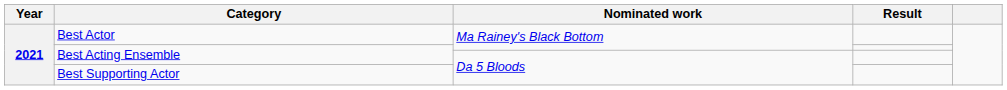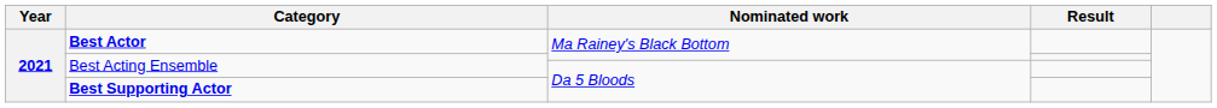 <table class="wikitable plainrowheaders" style="width:100%;">
 <tr>
 <th scope="col" style="width:5%;">Year</th>
 <th scope="col" style="width:40%;">Category</th>
 <th scope="col" style="width:40%;">Nominated work</th>
 <th scope="col" style="width:10%;">Result</th>
 <th scope="col" style="width:5%;"></th>
 </tr>
 <tr>
 <th scope="row" style="text-align:center;" rowspan="4"><a href='#'>2021</a></th>
-<td><a href='#'>Best Actor</a></td>
+<td><strong><a href='#'>Best Actor</a></strong></td>
 <td rowspan="2"><em><a href='#'>Ma Rainey's Black Bottom</a></em></td>
 <td></td>
 <td style="text-align:center;" rowspan="4"></td>
 </tr>
 <tr>
 <td rowspan=2><a href='#'>Best Acting Ensemble</a></td>
 <td></td>
 </tr>
 <tr>
 <td rowspan="2"><em><a href='#'>Da 5 Bloods</a></em></td>
 <td></td>
 </tr>
 <tr>
-<td><a href='#'>Best Supporting Actor</a></td>
+<td><strong><a href='#'>Best Supporting Actor</a></strong></td>
 <td></td>
 </tr>
 </table>
